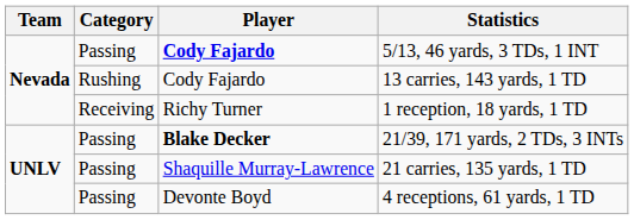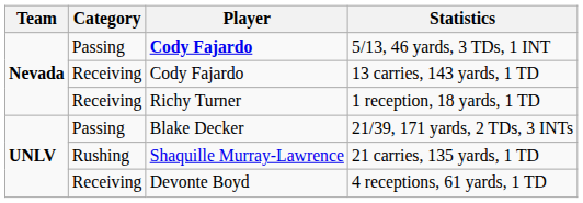 <table class="wikitable" style="float: left;">
 <tr>
 <th>Team</th>
 <th>Category</th>
 <th>Player</th>
 <th>Statistics</th>
 </tr>
 <tr>
 <td rowspan=3><strong>Nevada</strong></td>
 <td>Passing</td>
 <td><strong><a href='#'>Cody Fajardo</a></strong></td>
 <td>5/13, 46 yards, 3 TDs, 1 INT</td>
 </tr>
 <tr>
-<td>Rushing</td>
+<td>Receiving</td>
 <td>Cody Fajardo</td>
 <td>13 carries, 143 yards, 1 TD</td>
 </tr>
 <tr>
 <td>Receiving</td>
 <td>Richy Turner</td>
 <td>1 reception, 18 yards, 1 TD</td>
 </tr>
 <tr>
 <td rowspan=3><strong>UNLV</strong></td>
 <td>Passing</td>
-<td><strong>Blake Decker</strong></td>
+<td>Blake Decker</td>
 <td>21/39, 171 yards, 2 TDs, 3 INTs</td>
 </tr>
 <tr>
-<td>Passing</td>
+<td>Rushing</td>
 <td><a href='#'>Shaquille Murray-Lawrence</a></td>
 <td>21 carries, 135 yards, 1 TD</td>
 </tr>
 <tr>
-<td>Passing</td>
+<td>Receiving</td>
 <td>Devonte Boyd</td>
 <td>4 receptions, 61 yards, 1 TD</td>
 </tr>
 </table>
